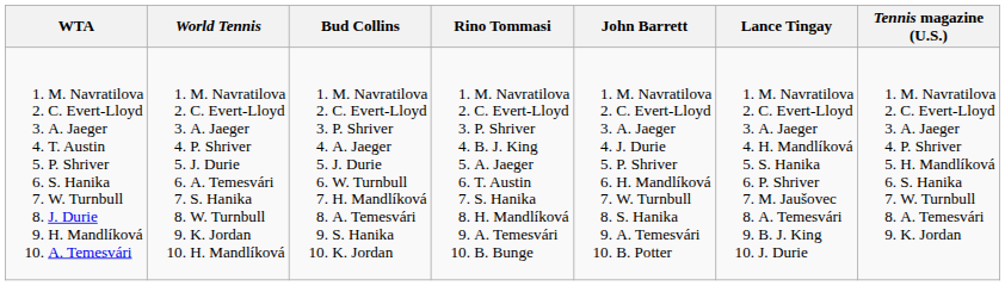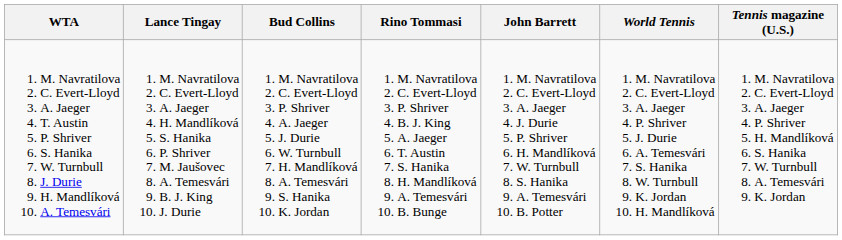 <table class="wikitable">
 <tr>
 <th>WTA</th>
-<th><em>World Tennis</em></th>
+<th>Lance Tingay</th>
 <th>Bud Collins</th>
 <th>Rino Tommasi</th>
 <th>John Barrett</th>
-<th>Lance Tingay</th>
+<th><em>World Tennis</em></th>
 <th><em>Tennis</em> magazine<br>(U.S.)</th>
 </tr>
 <tr style="vertical-align: top;">
 <td style="white-space: nowrap;"><br><ol><li> M. Navratilova</li><li> C. Evert-Lloyd</li><li> A. Jaeger</li><li> T. Austin</li><li> P. Shriver</li><li> S. Hanika</li><li> W. Turnbull</li><li> <a href='#'>J. Durie</a></li><li> H. Mandlíková</li><li> <a href='#'>A. Temesvári</a></li></ol></td>
-<td style="white-space: nowrap;"><br><ol><li> M. Navratilova</li><li> C. Evert-Lloyd</li><li> A. Jaeger</li><li> P. Shriver</li><li> J. Durie</li><li> A. Temesvári</li><li> S. Hanika</li><li> W. Turnbull</li><li> K. Jordan</li><li> H. Mandlíková</li></ol></td>
+<td style="white-space: nowrap;"><br><ol><li> M. Navratilova</li><li> C. Evert-Lloyd</li><li> A. Jaeger</li><li> H. Mandlíková</li><li> S. Hanika</li><li> P. Shriver</li><li> M. Jaušovec</li><li> A. Temesvári</li><li> B. J. King</li><li> J. Durie</li></ol></td>
 <td style="white-space: nowrap;"><br><ol><li> M. Navratilova</li><li> C. Evert-Lloyd</li><li> P. Shriver</li><li> A. Jaeger</li><li> J. Durie</li><li> W. Turnbull</li><li> H. Mandlíková</li><li> A. Temesvári</li><li> S. Hanika</li><li> K. Jordan</li></ol></td>
 <td style="white-space: nowrap;"><br><ol><li> M. Navratilova</li><li> C. Evert-Lloyd</li><li> P. Shriver</li><li> B. J. King</li><li> A. Jaeger</li><li> T. Austin</li><li> S. Hanika</li><li> H. Mandlíková</li><li> A. Temesvári</li><li> B. Bunge</li></ol></td>
 <td style="white-space: nowrap;"><br><ol><li> M. Navratilova</li><li> C. Evert-Lloyd</li><li> A. Jaeger</li><li> J. Durie</li><li> P. Shriver</li><li> H. Mandlíková</li><li> W. Turnbull</li><li> S. Hanika</li><li> A. Temesvári</li><li> B. Potter</li></ol></td>
-<td style="white-space: nowrap;"><br><ol><li> M. Navratilova</li><li> C. Evert-Lloyd</li><li> A. Jaeger</li><li> H. Mandlíková</li><li> S. Hanika</li><li> P. Shriver</li><li> M. Jaušovec</li><li> A. Temesvári</li><li> B. J. King</li><li> J. Durie</li></ol></td>
+<td style="white-space: nowrap;"><br><ol><li> M. Navratilova</li><li> C. Evert-Lloyd</li><li> A. Jaeger</li><li> P. Shriver</li><li> J. Durie</li><li> A. Temesvári</li><li> S. Hanika</li><li> W. Turnbull</li><li> K. Jordan</li><li> H. Mandlíková</li></ol></td>
 <td style="white-space: nowrap;"><br><ol><li> M. Navratilova</li><li> C. Evert-Lloyd</li><li> A. Jaeger</li><li> P. Shriver</li><li> H. Mandlíková</li><li> S. Hanika</li><li> W. Turnbull</li><li> A. Temesvári</li><li> K. Jordan</li></ol></td>
 </tr>
 </table>
